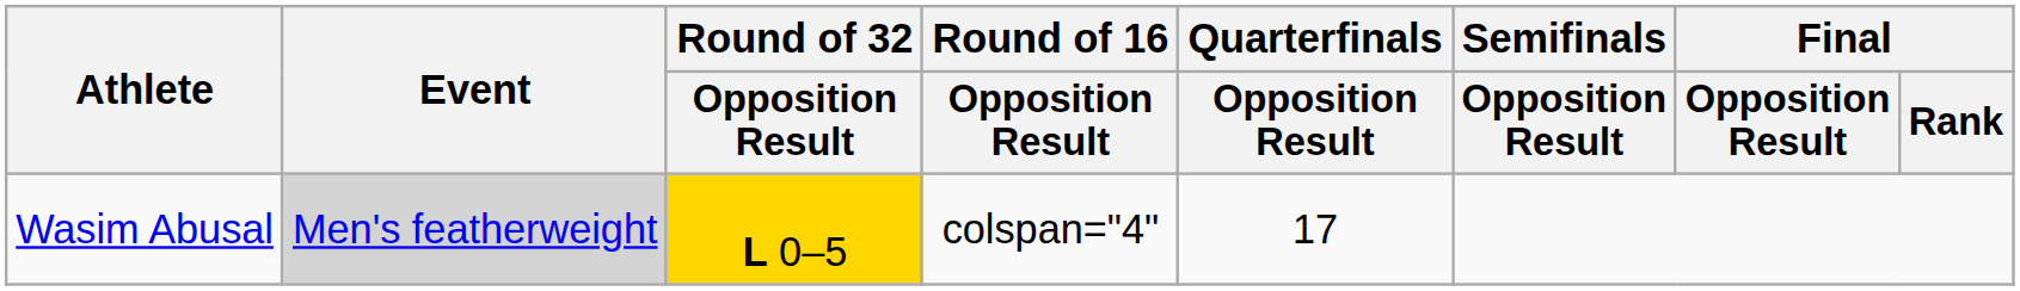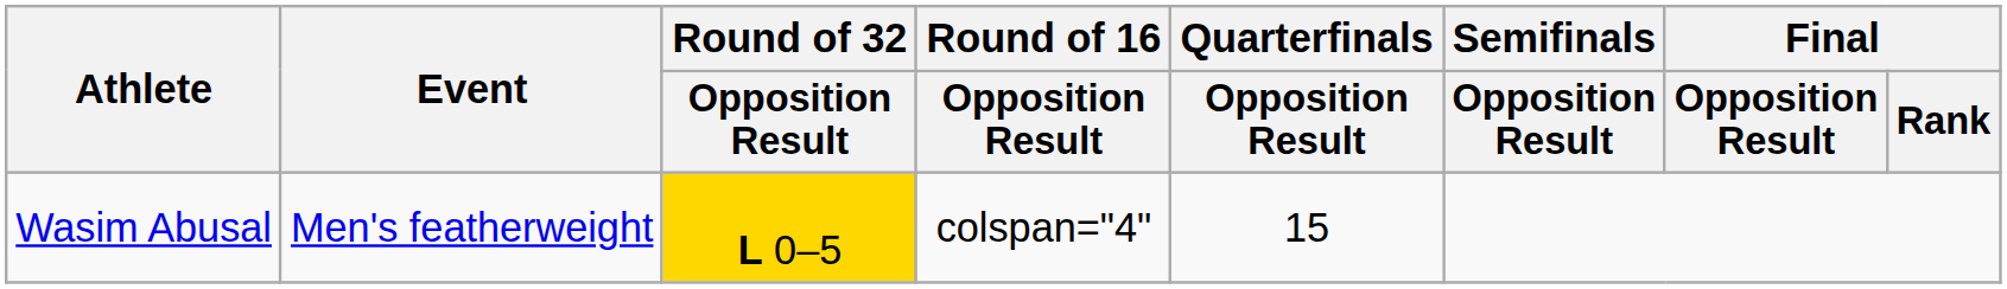 <table class="wikitable" style="font-size:90%">
 <tr>
 <th rowspan="2">Athlete</th>
 <th rowspan="2">Event</th>
 <th>Round of 32</th>
 <th>Round of 16</th>
 <th>Quarterfinals</th>
 <th>Semifinals</th>
 <th colspan=2>Final</th>
 </tr>
 <tr style="font-size:95%">
 <th>Opposition<br>Result</th>
 <th>Opposition<br>Result</th>
 <th>Opposition<br>Result</th>
 <th>Opposition<br>Result</th>
 <th>Opposition<br>Result</th>
 <th>Rank</th>
 </tr>
 <tr align=center>
 <td align=left><a href='#'>Wasim Abusal</a></td>
-<td align=left style="background: lightgrey;"><a href='#'>Men's featherweight</a></td>
+<td align=left><a href='#'>Men's featherweight</a></td>
 <td style="background: gold;"><br><strong>L</strong> 0–5</td>
 <td>colspan="4"</td>
-<td>17</td>
+<td>15</td>
 </tr>
 </table>
